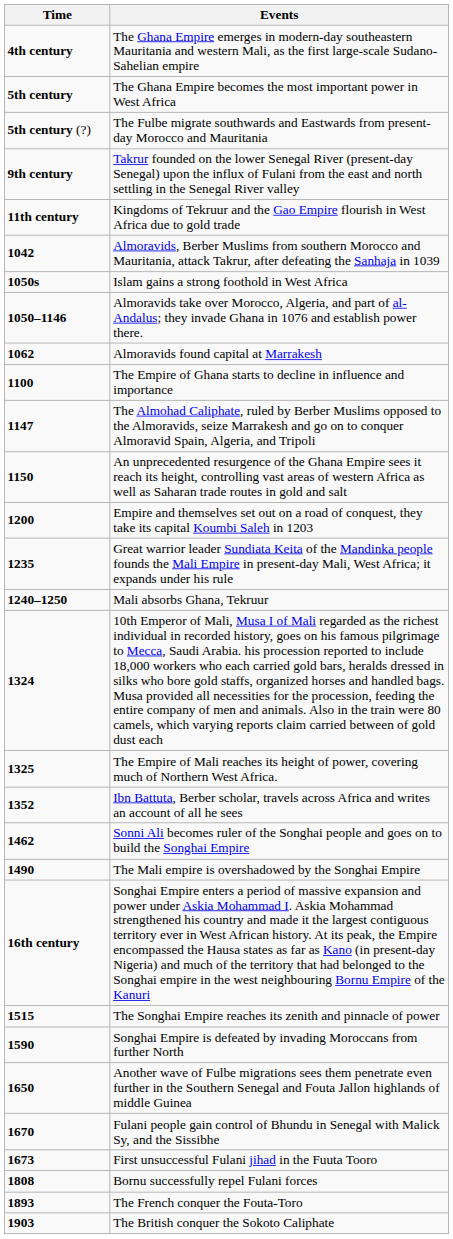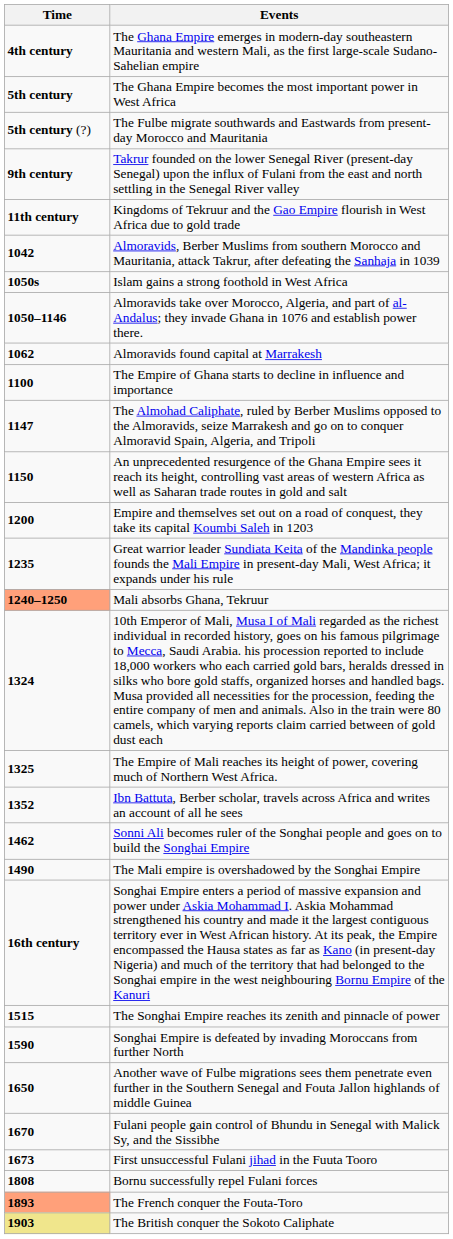 <table class="wikitable">
 <tr>
 <th style="width:120px">Time</th>
 <th style="width:400px">Events</th>
 </tr>
 <tr>
 <td><strong>4th century</strong></td>
 <td>The <a href='#'>Ghana Empire</a> emerges in modern-day southeastern Mauritania and western Mali, as the first large-scale Sudano-Sahelian empire</td>
 </tr>
 <tr>
 <td><strong>5th century</strong></td>
 <td>The Ghana Empire becomes the most important power in West Africa</td>
 </tr>
 <tr>
 <td><strong>5th century</strong> (?)</td>
 <td>The Fulbe migrate southwards and Eastwards from present-day Morocco and Mauritania</td>
 </tr>
 <tr>
 <td><strong>9th century</strong></td>
 <td><a href='#'>Takrur</a> founded on the lower Senegal River (present-day Senegal) upon the influx of Fulani from the east and north settling in the Senegal River valley</td>
 </tr>
 <tr>
 <td><strong>11th century</strong></td>
 <td>Kingdoms of Tekruur and the <a href='#'>Gao Empire</a> flourish in West Africa due to gold trade</td>
 </tr>
 <tr>
 <td><strong>1042</strong></td>
 <td><a href='#'>Almoravids</a>, Berber Muslims from southern Morocco and Mauritania, attack Takrur, after defeating the <a href='#'>Sanhaja</a> in 1039</td>
 </tr>
 <tr>
 <td><strong>1050s</strong></td>
 <td>Islam gains a strong foothold in West Africa</td>
 </tr>
 <tr>
 <td><strong>1050–1146</strong></td>
 <td>Almoravids take over Morocco, Algeria, and part of <a href='#'>al-Andalus</a>; they invade Ghana in 1076 and establish power there.</td>
 </tr>
 <tr>
 <td><strong>1062</strong></td>
 <td>Almoravids found capital at <a href='#'>Marrakesh</a></td>
 </tr>
 <tr>
 <td><strong>1100</strong></td>
 <td>The Empire of Ghana starts to decline in influence and importance</td>
 </tr>
 <tr>
 <td><strong>1147</strong></td>
 <td>The <a href='#'>Almohad Caliphate</a>, ruled by Berber Muslims opposed to the Almoravids, seize Marrakesh and go on to conquer Almoravid Spain, Algeria, and Tripoli</td>
 </tr>
 <tr>
 <td><strong>1150</strong></td>
 <td>An unprecedented resurgence of the Ghana Empire sees it reach its height, controlling vast areas of western Africa as well as Saharan trade routes in gold and salt</td>
 </tr>
 <tr>
 <td><strong>1200</strong></td>
 <td>Empire and themselves set out on a road of conquest, they take its capital <a href='#'>Koumbi Saleh</a> in 1203</td>
 </tr>
 <tr>
 <td><strong>1235</strong></td>
 <td>Great warrior leader <a href='#'>Sundiata Keita</a> of the <a href='#'>Mandinka people</a> founds the <a href='#'>Mali Empire</a> in present-day Mali, West Africa; it expands under his rule</td>
 </tr>
 <tr>
-<td><strong>1240–1250</strong></td>
+<td style="background: lightsalmon;"><strong>1240–1250</strong></td>
 <td>Mali absorbs Ghana, Tekruur</td>
 </tr>
 <tr>
 <td><strong>1324</strong></td>
 <td>10th Emperor of Mali, <a href='#'>Musa I of Mali</a> regarded as the richest individual in recorded history, goes on his famous pilgrimage to <a href='#'>Mecca</a>, Saudi Arabia. his procession reported to include 18,000 workers who each carried  gold bars, heralds dressed in silks who bore gold staffs, organized horses and handled bags. Musa provided all necessities for the procession, feeding the entire company of men and animals. Also in the train were 80 camels, which varying reports claim carried between  of gold dust each</td>
 </tr>
 <tr>
 <td><strong>1325</strong></td>
 <td>The Empire of Mali reaches its height of power, covering much of Northern West Africa.</td>
 </tr>
 <tr>
 <td><strong>1352</strong></td>
 <td><a href='#'>Ibn Battuta</a>, Berber scholar, travels across Africa and writes an account of all he sees</td>
 </tr>
 <tr>
 <td><strong>1462</strong></td>
 <td><a href='#'>Sonni Ali</a> becomes ruler of the Songhai people and goes on to build the <a href='#'>Songhai Empire</a></td>
 </tr>
 <tr>
 <td><strong>1490</strong></td>
 <td>The Mali empire is overshadowed by the Songhai Empire</td>
 </tr>
 <tr>
 <td><strong>16th century</strong></td>
 <td>Songhai Empire enters a period of massive expansion and power under <a href='#'>Askia Mohammad I</a>. Askia Mohammad strengthened his country and made it the largest contiguous territory ever in West African history. At its peak, the Empire encompassed the Hausa states as far as <a href='#'>Kano</a> (in present-day Nigeria) and much of the territory that had belonged to the Songhai empire in the west neighbouring <a href='#'>Bornu Empire</a> of the <a href='#'>Kanuri</a></td>
 </tr>
 <tr>
 <td><strong>1515</strong></td>
 <td>The Songhai Empire reaches its zenith and pinnacle of power</td>
 </tr>
 <tr>
 <td><strong>1590</strong></td>
 <td>Songhai Empire is defeated by invading Moroccans from further North</td>
 </tr>
 <tr>
 <td><strong>1650</strong></td>
 <td>Another wave of Fulbe migrations sees them penetrate even further in the Southern Senegal and Fouta Jallon highlands of middle Guinea</td>
 </tr>
 <tr>
 <td><strong>1670</strong></td>
 <td>Fulani people gain control of Bhundu in Senegal with Malick Sy, and the Sissibhe</td>
 </tr>
 <tr>
 <td><strong>1673</strong></td>
 <td>First unsuccessful Fulani <a href='#'>jihad</a> in the Fuuta Tooro</td>
 </tr>
 <tr>
 <td><strong>1808</strong></td>
 <td>Bornu successfully repel Fulani forces</td>
 </tr>
 <tr>
-<td><strong>1893</strong></td>
+<td style="background: lightsalmon;"><strong>1893</strong></td>
 <td>The French conquer the Fouta-Toro</td>
 </tr>
 <tr>
-<td><strong>1903</strong></td>
+<td style="background: khaki;"><strong>1903</strong></td>
 <td>The British conquer the Sokoto Caliphate</td>
 </tr>
 </table>
